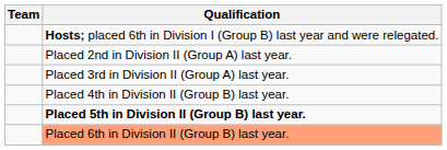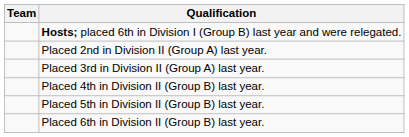 <table class="wikitable">
 <tr>
 <th>Team</th>
 <th>Qualification</th>
 </tr>
 <tr>
 <td></td>
 <td><strong>Hosts;</strong> placed 6th in Division I (Group B) last year and were relegated.</td>
 </tr>
 <tr>
 <td></td>
 <td>Placed 2nd in Division II (Group A) last year.</td>
 </tr>
 <tr>
 <td></td>
 <td>Placed 3rd in Division II (Group A) last year.</td>
 </tr>
 <tr>
 <td></td>
 <td>Placed 4th in Division II (Group B) last year.</td>
 </tr>
 <tr>
 <td></td>
-<td><strong>Placed 5th in Division II (Group B) last year.</strong></td>
+<td>Placed 5th in Division II (Group B) last year.</td>
 </tr>
 <tr>
 <td></td>
-<td style="background: lightsalmon;">Placed 6th in Division II (Group B) last year.</td>
+<td>Placed 6th in Division II (Group B) last year.</td>
 </tr>
 </table>
